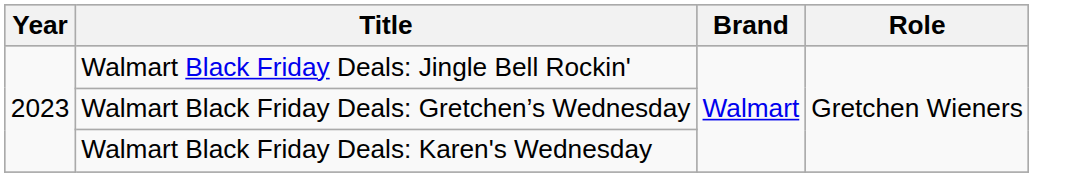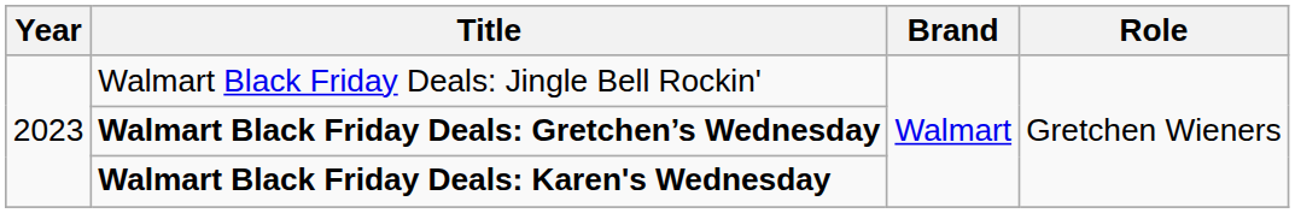 <table class="wikitable sortable">
 <tr>
 <th>Year</th>
 <th>Title</th>
 <th>Brand</th>
 <th>Role</th>
 </tr>
 <tr>
 <td rowspan="3">2023</td>
 <td>Walmart <a href='#'>Black Friday</a> Deals: Jingle Bell Rockin'</td>
 <td rowspan="3"><a href='#'>Walmart</a></td>
 <td rowspan="3">Gretchen Wieners</td>
 </tr>
 <tr>
-<td>Walmart Black Friday Deals: Gretchen’s Wednesday</td>
+<td><strong>Walmart Black Friday Deals: Gretchen’s Wednesday</strong></td>
 </tr>
 <tr>
-<td>Walmart Black Friday Deals: Karen's Wednesday</td>
+<td><strong>Walmart Black Friday Deals: Karen's Wednesday</strong></td>
 </tr>
 </table>
